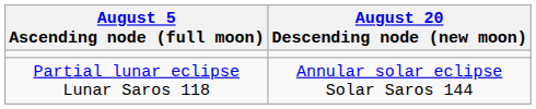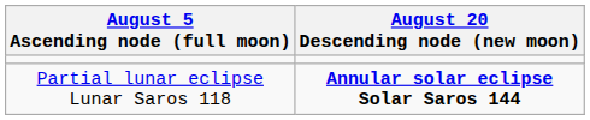 <table class="wikitable">
 <tr>
 <th><a href='#'>August 5</a><br>Ascending node (full moon)</th>
 <th><a href='#'>August 20</a><br>Descending node (new moon)<br></th>
 </tr>
 <tr>
 <td></td>
 <td></td>
 </tr>
 <tr align=center>
 <td><a href='#'>Partial lunar eclipse</a><br>Lunar Saros 118</td>
-<td><a href='#'>Annular solar eclipse</a><br>Solar Saros 144</td>
+<td><strong><a href='#'>Annular solar eclipse</a><br>Solar Saros 144</strong></td>
 </tr>
 </table>
